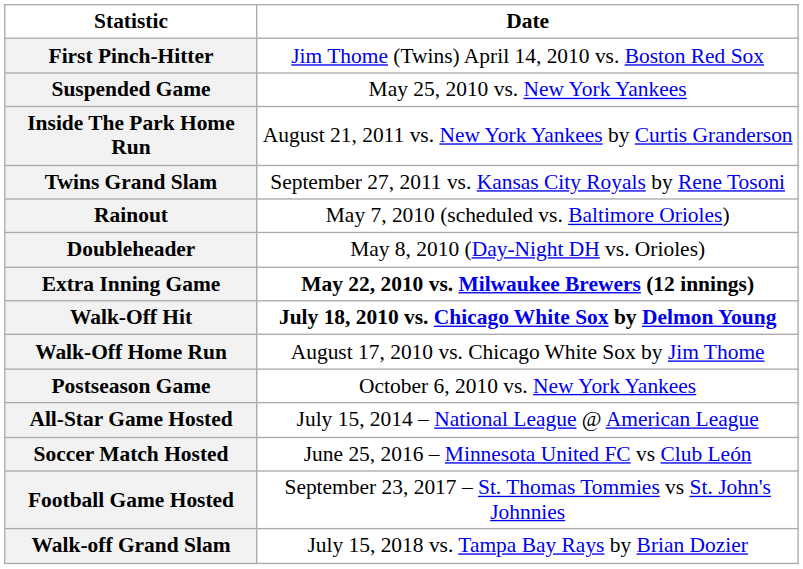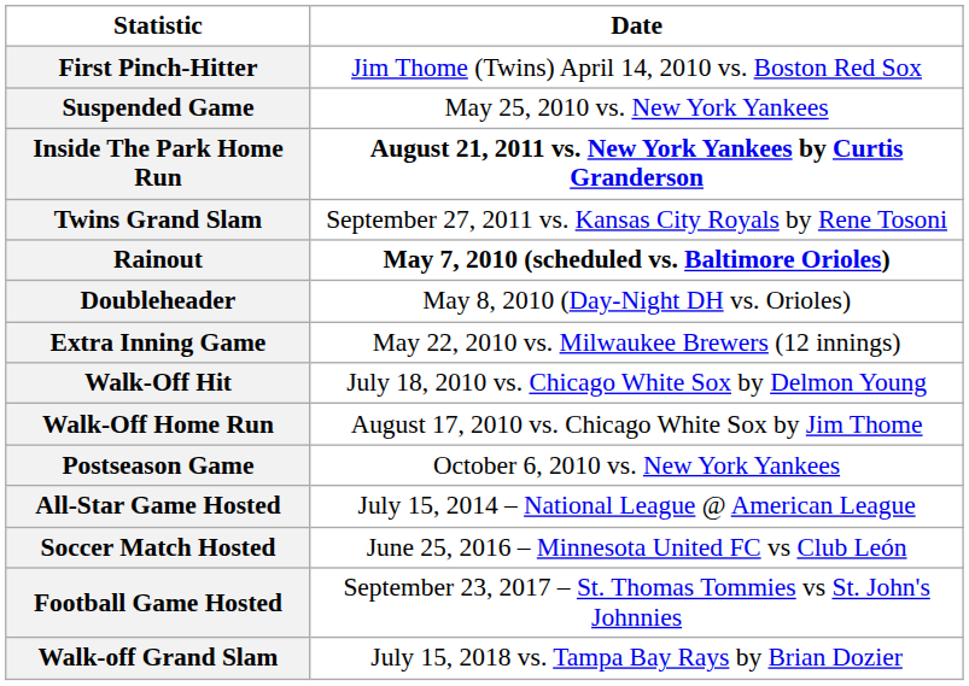 <table class="wikitable" align=center style="margin-left:15px; text-align:center; background:#ffffff;">
 <tr>
 <td><strong>Statistic</strong></td>
 <td><strong>Date</strong></td>
 </tr>
 <tr>
 <th>First Pinch-Hitter</th>
 <td><a href='#'>Jim Thome</a>  (Twins) April 14, 2010 vs. <a href='#'>Boston Red Sox</a></td>
 </tr>
 <tr>
 <th>Suspended Game</th>
 <td>May 25, 2010 vs. <a href='#'>New York Yankees</a></td>
 </tr>
 <tr>
 <th>Inside The Park Home Run</th>
-<td>August 21, 2011 vs.  <a href='#'>New York Yankees</a> by <a href='#'>Curtis Granderson</a></td>
+<td><strong>August 21, 2011 vs.  <a href='#'>New York Yankees</a> by <a href='#'>Curtis Granderson</a></strong></td>
 </tr>
 <tr>
 <th>Twins Grand Slam</th>
 <td>September 27, 2011 vs. <a href='#'>Kansas City Royals</a> by <a href='#'>Rene Tosoni</a></td>
 </tr>
 <tr>
 <th>Rainout</th>
-<td>May 7, 2010 (scheduled vs. <a href='#'>Baltimore Orioles</a>)</td>
+<td><strong>May 7, 2010 (scheduled vs. <a href='#'>Baltimore Orioles</a>)</strong></td>
 </tr>
 <tr>
 <th>Doubleheader</th>
 <td>May 8, 2010 (<a href='#'>Day-Night DH</a> vs. Orioles)</td>
 </tr>
 <tr>
 <th>Extra Inning Game</th>
-<td><strong>May 22, 2010 vs. <a href='#'>Milwaukee Brewers</a> (12 innings)</strong></td>
+<td>May 22, 2010 vs. <a href='#'>Milwaukee Brewers</a> (12 innings)</td>
 </tr>
 <tr>
 <th>Walk-Off Hit</th>
-<td><strong>July 18, 2010 vs. <a href='#'>Chicago White Sox</a> by <a href='#'>Delmon Young</a></strong></td>
+<td>July 18, 2010 vs. <a href='#'>Chicago White Sox</a> by <a href='#'>Delmon Young</a></td>
 </tr>
 <tr>
 <th>Walk-Off Home Run</th>
 <td>August 17, 2010 vs. Chicago White Sox by <a href='#'>Jim Thome</a></td>
 </tr>
 <tr>
 <th>Postseason Game</th>
 <td>October 6, 2010 vs. <a href='#'>New York Yankees</a></td>
 </tr>
 <tr>
 <th>All-Star Game Hosted</th>
 <td>July 15, 2014 – <a href='#'>National League</a> @ <a href='#'>American League</a></td>
 </tr>
 <tr>
 <th>Soccer Match Hosted</th>
 <td>June 25, 2016 – <a href='#'>Minnesota United FC</a> vs <a href='#'>Club León</a></td>
 </tr>
 <tr>
 <th>Football Game Hosted</th>
 <td>September 23, 2017 – <a href='#'>St. Thomas Tommies</a> vs <a href='#'>St. John's Johnnies</a></td>
 </tr>
 <tr>
 <th>Walk-off Grand Slam</th>
 <td>July 15, 2018 vs. <a href='#'>Tampa Bay Rays</a> by <a href='#'>Brian Dozier</a></td>
 </tr>
 </table>
